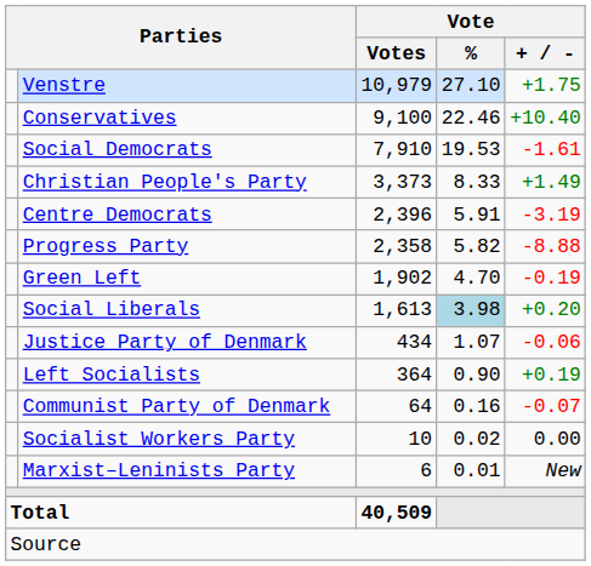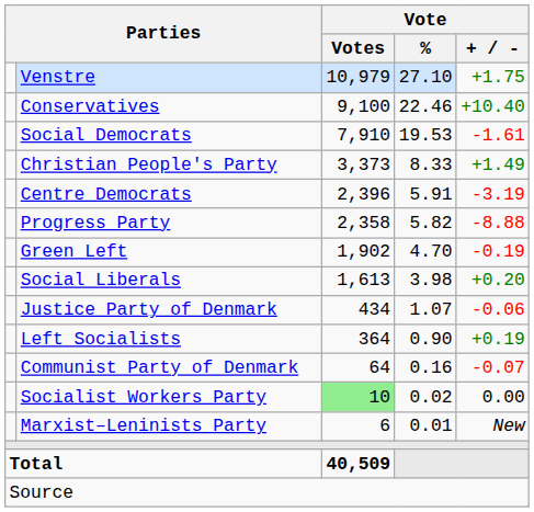 <table class="wikitable" style="text-align:right;">
 <tr>
 <th style="text-align:centre;" rowspan="2" colspan="2" width="225">Parties</th>
 <th colspan="3">Vote</th>
 </tr>
 <tr>
 <th width="15">Votes</th>
 <th width="15">%</th>
 <th width="15">+ / -</th>
 </tr>
 <tr>
 <td width="2" style="color:inherit;background:"></td>
 <td bgcolor=#cfe5fe  align="left"><a href='#'>Venstre</a></td>
 <td bgcolor=#cfe5fe>10,979</td>
 <td bgcolor=#cfe5fe>27.10</td>
 <td style=color:green;>+1.75</td>
 </tr>
 <tr>
 <td width="2" style="color:inherit;background:"></td>
 <td align="left"><a href='#'>Conservatives</a></td>
 <td>9,100</td>
 <td>22.46</td>
 <td style=color:green;>+10.40</td>
 </tr>
 <tr>
 <td width="2" style="color:inherit;background:"></td>
 <td align="left"><a href='#'>Social Democrats</a></td>
 <td>7,910</td>
 <td>19.53</td>
 <td style=color:red;>-1.61</td>
 </tr>
 <tr>
 <td width="2" style="color:inherit;background:"></td>
 <td align="left"><a href='#'>Christian People's Party</a></td>
 <td>3,373</td>
 <td>8.33</td>
 <td style=color:green;>+1.49</td>
 </tr>
 <tr>
 <td width="2" style="color:inherit;background:"></td>
 <td align="left"><a href='#'>Centre Democrats</a></td>
 <td>2,396</td>
 <td>5.91</td>
 <td style=color:red;>-3.19</td>
 </tr>
 <tr>
 <td width="2" style="color:inherit;background:"></td>
 <td align="left"><a href='#'>Progress Party</a></td>
 <td>2,358</td>
 <td>5.82</td>
 <td style=color:red;>-8.88</td>
 </tr>
 <tr>
 <td width="2" style="color:inherit;background:"></td>
 <td align="left"><a href='#'>Green Left</a></td>
 <td>1,902</td>
 <td>4.70</td>
 <td style=color:red;>-0.19</td>
 </tr>
 <tr>
 <td width="2" style="color:inherit;background:"></td>
 <td align="left"><a href='#'>Social Liberals</a></td>
 <td>1,613</td>
-<td style="background: lightblue;">3.98</td>
+<td>3.98</td>
 <td style=color:green;>+0.20</td>
 </tr>
 <tr>
 <td width="2" style="color:inherit;background:"></td>
 <td align="left"><a href='#'>Justice Party of Denmark</a></td>
 <td>434</td>
 <td>1.07</td>
 <td style=color:red;>-0.06</td>
 </tr>
 <tr>
 <td width="2" style="color:inherit;background:"></td>
 <td align="left"><a href='#'>Left Socialists</a></td>
 <td>364</td>
 <td>0.90</td>
 <td style=color:green;>+0.19</td>
 </tr>
 <tr>
 <td width="2" style="color:inherit;background:"></td>
 <td align="left"><a href='#'>Communist Party of Denmark</a></td>
 <td>64</td>
 <td>0.16</td>
 <td style=color:red;>-0.07</td>
 </tr>
 <tr>
 <td width="2" style="color:inherit;background:"></td>
 <td align="left"><a href='#'>Socialist Workers Party</a></td>
-<td>10</td>
+<td style="background: lightgreen;">10</td>
 <td>0.02</td>
 <td>0.00</td>
 </tr>
 <tr>
 <td width="2" style="color:inherit;background:"></td>
 <td align="left"><a href='#'>Marxist–Leninists Party</a></td>
 <td>6</td>
 <td>0.01</td>
 <td><em>New</em></td>
 </tr>
 <tr>
 <td colspan="7" bgcolor="#E9E9E9"></td>
 </tr>
 <tr>
 <td align="left" colspan="2"><strong>Total</strong></td>
 <td><strong>40,509</strong></td>
 <td bgcolor="#E9E9E9" colspan="2"></td>
 </tr>
 <tr>
 <td align="left" colspan="6">Source</td>
 </tr>
 </table>
